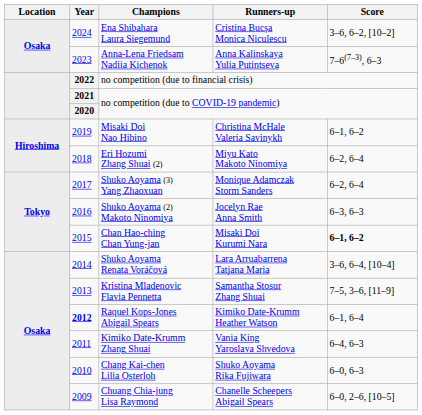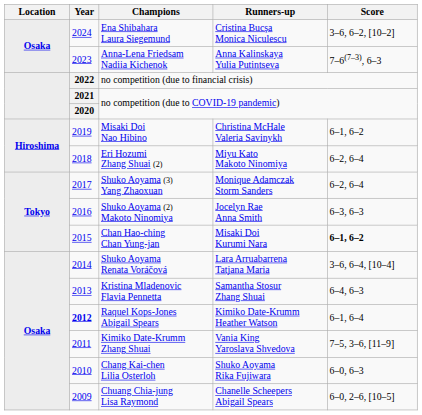 <table class="wikitable">
 <tr>
 <th style="width:100px">Location</th>
 <th style="width:40px">Year</th>
 <th style="width:180px">Champions</th>
 <th style="width:180px">Runners-up</th>
 <th style="width:140px" class="unsortable">Score</th>
 </tr>
 <tr>
 <th rowspan="2" style="background:#ededed"><a href='#'>Osaka</a></th>
 <td><a href='#'>2024</a></td>
 <td> <a href='#'>Ena Shibahara</a> <br>  <a href='#'>Laura Siegemund</a></td>
 <td> <a href='#'>Cristina Bucșa</a> <br>  <a href='#'>Monica Niculescu</a></td>
 <td>3–6, 6–2, [10–2]</td>
 </tr>
 <tr>
 <td><a href='#'>2023</a></td>
 <td> <a href='#'>Anna-Lena Friedsam</a> <br>  <a href='#'>Nadiia Kichenok</a></td>
 <td> <a href='#'>Anna Kalinskaya</a> <br>  <a href='#'>Yulia Putintseva</a></td>
 <td>7–6<sup>(7–3)</sup>, 6–3</td>
 </tr>
 <tr>
 <th rowspan="3" style="background:#ededed"></th>
 <th>2022</th>
 <td colspan="3">no competition (due to financial crisis)</td>
 </tr>
 <tr>
 <th>2021</th>
 <td colspan="3" rowspan="2">no competition (due to <a href='#'>COVID-19 pandemic</a>)</td>
 </tr>
 <tr>
 <th>2020</th>
 </tr>
 <tr>
 <th rowspan="2" style="background:#ededed"><a href='#'>Hiroshima</a></th>
 <td><a href='#'>2019</a></td>
 <td> <a href='#'>Misaki Doi</a> <br>  <a href='#'>Nao Hibino</a></td>
 <td> <a href='#'>Christina McHale</a> <br>  <a href='#'>Valeria Savinykh</a></td>
 <td>6–1, 6–2</td>
 </tr>
 <tr>
 <td><a href='#'>2018</a></td>
 <td> <a href='#'>Eri Hozumi</a> <br>  <a href='#'>Zhang Shuai</a> <small> (2) </small></td>
 <td> <a href='#'>Miyu Kato</a> <br>  <a href='#'>Makoto Ninomiya</a></td>
 <td>6–2, 6–4</td>
 </tr>
 <tr>
 <th rowspan="3" style="background:#ededed"><a href='#'>Tokyo</a></th>
 <td><a href='#'>2017</a></td>
 <td> <a href='#'>Shuko Aoyama</a> <small> (3) </small><br>  <a href='#'>Yang Zhaoxuan</a></td>
 <td> <a href='#'>Monique Adamczak</a> <br>  <a href='#'>Storm Sanders</a></td>
 <td>6–2, 6–4</td>
 </tr>
 <tr>
 <td><a href='#'>2016</a></td>
 <td> <a href='#'>Shuko Aoyama</a> <small> (2) </small><br> <a href='#'>Makoto Ninomiya</a></td>
 <td> <a href='#'>Jocelyn Rae</a><br> <a href='#'>Anna Smith</a></td>
 <td>6–3, 6–3</td>
 </tr>
 <tr>
 <td><a href='#'>2015</a></td>
 <td> <a href='#'>Chan Hao-ching</a><br> <a href='#'>Chan Yung-jan</a></td>
 <td> <a href='#'>Misaki Doi</a> <br>  <a href='#'>Kurumi Nara</a></td>
 <td><strong>6–1, 6–2</strong></td>
 </tr>
 <tr>
 <th rowspan="6" style="background:#ededed"><a href='#'>Osaka</a></th>
 <td><a href='#'>2014</a></td>
 <td> <a href='#'>Shuko Aoyama</a> <br> <a href='#'>Renata Voráčová</a></td>
 <td> <a href='#'>Lara Arruabarrena</a> <br>  <a href='#'>Tatjana Maria</a></td>
 <td>3–6, 6–4, [10–4]</td>
 </tr>
 <tr>
 <td><a href='#'>2013</a></td>
 <td> <a href='#'>Kristina Mladenovic</a> <br> <a href='#'>Flavia Pennetta</a></td>
 <td> <a href='#'>Samantha Stosur</a> <br>  <a href='#'>Zhang Shuai</a></td>
-<td>7–5, 3–6, [11–9]</td>
+<td>6–4, 6–3</td>
 </tr>
 <tr>
 <td><strong><a href='#'>2012</a></strong></td>
 <td> <a href='#'>Raquel Kops-Jones</a> <br> <a href='#'>Abigail Spears</a></td>
 <td> <a href='#'>Kimiko Date-Krumm</a> <br>  <a href='#'>Heather Watson</a></td>
 <td>6–1, 6–4</td>
 </tr>
 <tr>
 <td><a href='#'>2011</a></td>
 <td> <a href='#'>Kimiko Date-Krumm</a> <br> <a href='#'>Zhang Shuai</a></td>
 <td> <a href='#'>Vania King</a> <br> <a href='#'>Yaroslava Shvedova</a></td>
-<td>6–4, 6–3</td>
+<td>7–5, 3–6, [11–9]</td>
 </tr>
 <tr>
 <td><a href='#'>2010</a></td>
 <td> <a href='#'>Chang Kai-chen</a><br> <a href='#'>Lilia Osterloh</a></td>
 <td> <a href='#'>Shuko Aoyama</a><br> <a href='#'>Rika Fujiwara</a></td>
 <td>6–0, 6–3</td>
 </tr>
 <tr>
 <td><a href='#'>2009</a></td>
 <td> <a href='#'>Chuang Chia-jung</a><br> <a href='#'>Lisa Raymond</a></td>
 <td> <a href='#'>Chanelle Scheepers</a><br> <a href='#'>Abigail Spears</a></td>
 <td>6–0, 2–6, [10–5]</td>
 </tr>
 </table>
